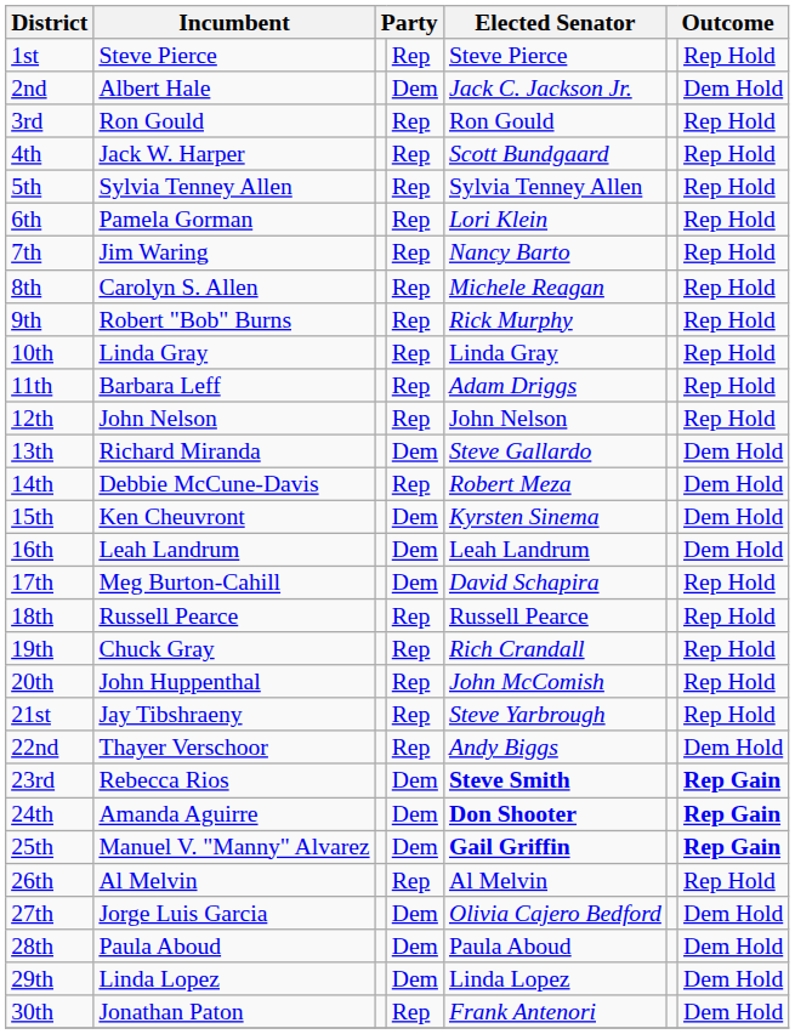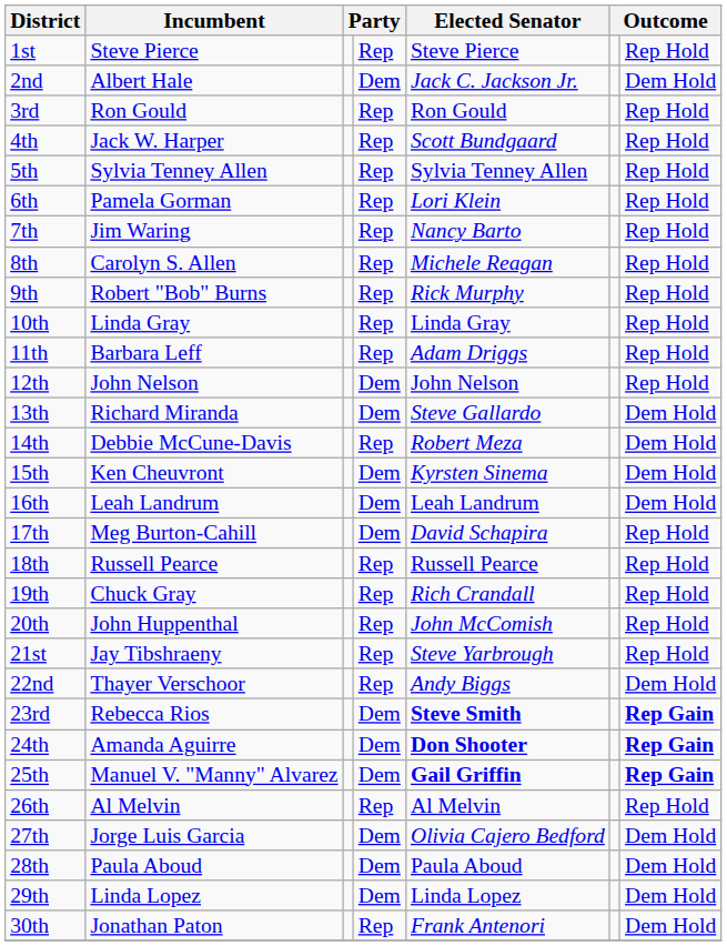 <table class="sortable wikitable" style="font-size:95%;line-height:14px;">
 <tr>
 <th>District</th>
 <th>Incumbent</th>
 <th colspan="2">Party</th>
 <th>Elected Senator</th>
 <th colspan="2">Outcome</th>
 </tr>
 <tr>
 <td><a href='#'>1st</a></td>
 <td><a href='#'>Steve Pierce</a></td>
 <td style="background:"></td>
 <td><a href='#'>Rep</a></td>
 <td><a href='#'>Steve Pierce</a></td>
 <td style="background:"></td>
 <td><a href='#'>Rep Hold</a></td>
 </tr>
 <tr>
 <td><a href='#'>2nd</a></td>
 <td><a href='#'>Albert Hale</a></td>
 <td style="background:"></td>
 <td><a href='#'>Dem</a></td>
 <td><em><a href='#'>Jack C. Jackson Jr.</a></em></td>
 <td style="background:"></td>
 <td><a href='#'>Dem Hold</a></td>
 </tr>
 <tr>
 <td><a href='#'>3rd</a></td>
 <td><a href='#'>Ron Gould</a></td>
 <td style="background:"></td>
 <td><a href='#'>Rep</a></td>
 <td><a href='#'>Ron Gould</a></td>
 <td style="background:"></td>
 <td><a href='#'>Rep Hold</a></td>
 </tr>
 <tr>
 <td><a href='#'>4th</a></td>
 <td><a href='#'>Jack W. Harper</a></td>
 <td style="background:"></td>
 <td><a href='#'>Rep</a></td>
 <td><em><a href='#'>Scott Bundgaard</a></em></td>
 <td style="background:"></td>
 <td><a href='#'>Rep Hold</a></td>
 </tr>
 <tr>
 <td><a href='#'>5th</a></td>
 <td><a href='#'>Sylvia Tenney Allen</a></td>
 <td style="background:"></td>
 <td><a href='#'>Rep</a></td>
 <td><a href='#'>Sylvia Tenney Allen</a></td>
 <td style="background:"></td>
 <td><a href='#'>Rep Hold</a></td>
 </tr>
 <tr>
 <td><a href='#'>6th</a></td>
 <td><a href='#'>Pamela Gorman</a></td>
 <td style="background:"></td>
 <td><a href='#'>Rep</a></td>
 <td><em><a href='#'>Lori Klein</a></em></td>
 <td style="background:"></td>
 <td><a href='#'>Rep Hold</a></td>
 </tr>
 <tr>
 <td><a href='#'>7th</a></td>
 <td><a href='#'>Jim Waring</a></td>
 <td style="background:"></td>
 <td><a href='#'>Rep</a></td>
 <td><em><a href='#'>Nancy Barto</a></em></td>
 <td style="background:"></td>
 <td><a href='#'>Rep Hold</a></td>
 </tr>
 <tr>
 <td><a href='#'>8th</a></td>
 <td><a href='#'>Carolyn S. Allen</a></td>
 <td style="background:"></td>
 <td><a href='#'>Rep</a></td>
 <td><em><a href='#'>Michele Reagan</a></em></td>
 <td style="background:"></td>
 <td><a href='#'>Rep Hold</a></td>
 </tr>
 <tr>
 <td><a href='#'>9th</a></td>
 <td><a href='#'>Robert "Bob" Burns</a></td>
 <td style="background:"></td>
 <td><a href='#'>Rep</a></td>
 <td><em><a href='#'>Rick Murphy</a></em></td>
 <td style="background:"></td>
 <td><a href='#'>Rep Hold</a></td>
 </tr>
 <tr>
 <td><a href='#'>10th</a></td>
 <td><a href='#'>Linda Gray</a></td>
 <td style="background:"></td>
 <td><a href='#'>Rep</a></td>
 <td><a href='#'>Linda Gray</a></td>
 <td style="background:"></td>
 <td><a href='#'>Rep Hold</a></td>
 </tr>
 <tr>
 <td><a href='#'>11th</a></td>
 <td><a href='#'>Barbara Leff</a></td>
 <td style="background:"></td>
 <td><a href='#'>Rep</a></td>
 <td><em><a href='#'>Adam Driggs</a></em></td>
 <td style="background:"></td>
 <td><a href='#'>Rep Hold</a></td>
 </tr>
 <tr>
 <td><a href='#'>12th</a></td>
 <td><a href='#'>John Nelson</a></td>
 <td style="background:"></td>
-<td><a href='#'>Rep</a></td>
+<td><a href='#'>Dem</a></td>
 <td><a href='#'>John Nelson</a></td>
 <td style="background:"></td>
 <td><a href='#'>Rep Hold</a></td>
 </tr>
 <tr>
 <td><a href='#'>13th</a></td>
 <td><a href='#'>Richard Miranda</a></td>
 <td style="background:"></td>
 <td><a href='#'>Dem</a></td>
 <td><em><a href='#'>Steve Gallardo</a></em></td>
 <td style="background:"></td>
 <td><a href='#'>Dem Hold</a></td>
 </tr>
 <tr>
 <td><a href='#'>14th</a></td>
 <td><a href='#'>Debbie McCune-Davis</a></td>
 <td style="background:"></td>
 <td><a href='#'>Rep</a></td>
 <td><em><a href='#'>Robert Meza</a></em></td>
 <td style="background:"></td>
 <td><a href='#'>Dem Hold</a></td>
 </tr>
 <tr>
 <td><a href='#'>15th</a></td>
 <td><a href='#'>Ken Cheuvront</a></td>
 <td style="background:"></td>
 <td><a href='#'>Dem</a></td>
 <td><em><a href='#'>Kyrsten Sinema</a></em></td>
 <td style="background:"></td>
 <td><a href='#'>Dem Hold</a></td>
 </tr>
 <tr>
 <td><a href='#'>16th</a></td>
 <td><a href='#'>Leah Landrum</a></td>
 <td style="background:"></td>
 <td><a href='#'>Dem</a></td>
 <td><a href='#'>Leah Landrum</a></td>
 <td style="background:"></td>
 <td><a href='#'>Dem Hold</a></td>
 </tr>
 <tr>
 <td><a href='#'>17th</a></td>
 <td><a href='#'>Meg Burton-Cahill</a></td>
 <td style="background:"></td>
 <td><a href='#'>Dem</a></td>
 <td><em><a href='#'>David Schapira</a></em></td>
 <td style="background:"></td>
 <td><a href='#'>Rep Hold</a></td>
 </tr>
 <tr>
 <td><a href='#'>18th</a></td>
 <td><a href='#'>Russell Pearce</a></td>
 <td style="background:"></td>
 <td><a href='#'>Rep</a></td>
 <td><a href='#'>Russell Pearce</a></td>
 <td style="background:"></td>
 <td><a href='#'>Rep Hold</a></td>
 </tr>
 <tr>
 <td><a href='#'>19th</a></td>
 <td><a href='#'>Chuck Gray</a></td>
 <td style="background:"></td>
 <td><a href='#'>Rep</a></td>
 <td><em><a href='#'>Rich Crandall</a></em></td>
 <td style="background:"></td>
 <td><a href='#'>Rep Hold</a></td>
 </tr>
 <tr>
 <td><a href='#'>20th</a></td>
 <td><a href='#'>John Huppenthal</a></td>
 <td style="background:"></td>
 <td><a href='#'>Rep</a></td>
 <td><em><a href='#'>John McComish</a></em></td>
 <td style="background:"></td>
 <td><a href='#'>Rep Hold</a></td>
 </tr>
 <tr>
 <td><a href='#'>21st</a></td>
 <td><a href='#'>Jay Tibshraeny</a></td>
 <td style="background:"></td>
 <td><a href='#'>Rep</a></td>
 <td><em><a href='#'>Steve Yarbrough</a></em></td>
 <td style="background:"></td>
 <td><a href='#'>Rep Hold</a></td>
 </tr>
 <tr>
 <td><a href='#'>22nd</a></td>
 <td><a href='#'>Thayer Verschoor</a></td>
 <td style="background:"></td>
 <td><a href='#'>Rep</a></td>
 <td><em><a href='#'>Andy Biggs</a></em></td>
 <td style="background:"></td>
 <td><a href='#'>Dem Hold</a></td>
 </tr>
 <tr>
 <td><a href='#'>23rd</a></td>
 <td><a href='#'>Rebecca Rios</a></td>
 <td style="background:"></td>
 <td><a href='#'>Dem</a></td>
 <td><strong><a href='#'>Steve Smith</a></strong></td>
 <td style="background:"></td>
 <td><strong><a href='#'>Rep Gain</a></strong></td>
 </tr>
 <tr>
 <td><a href='#'>24th</a></td>
 <td><a href='#'>Amanda Aguirre</a></td>
 <td style="background:"></td>
 <td><a href='#'>Dem</a></td>
 <td><strong><a href='#'>Don Shooter</a></strong></td>
 <td style="background:"></td>
 <td><strong><a href='#'>Rep Gain</a></strong></td>
 </tr>
 <tr>
 <td><a href='#'>25th</a></td>
 <td><a href='#'>Manuel V. "Manny" Alvarez</a></td>
 <td style="background:"></td>
 <td><a href='#'>Dem</a></td>
 <td><strong><a href='#'>Gail Griffin</a></strong></td>
 <td style="background:"></td>
 <td><strong><a href='#'>Rep Gain</a></strong></td>
 </tr>
 <tr>
 <td><a href='#'>26th</a></td>
 <td><a href='#'>Al Melvin</a></td>
 <td style="background:"></td>
 <td><a href='#'>Rep</a></td>
 <td><a href='#'>Al Melvin</a></td>
 <td style="background:"></td>
 <td><a href='#'>Rep Hold</a></td>
 </tr>
 <tr>
 <td><a href='#'>27th</a></td>
 <td><a href='#'>Jorge Luis Garcia</a></td>
 <td style="background:"></td>
 <td><a href='#'>Dem</a></td>
 <td><em><a href='#'>Olivia Cajero Bedford</a></em></td>
 <td style="background:"></td>
 <td><a href='#'>Dem Hold</a></td>
 </tr>
 <tr>
 <td><a href='#'>28th</a></td>
 <td><a href='#'>Paula Aboud</a></td>
 <td style="background:"></td>
 <td><a href='#'>Dem</a></td>
 <td><a href='#'>Paula Aboud</a></td>
 <td style="background:"></td>
 <td><a href='#'>Dem Hold</a></td>
 </tr>
 <tr>
 <td><a href='#'>29th</a></td>
 <td><a href='#'>Linda Lopez</a></td>
 <td style="background:"></td>
 <td><a href='#'>Dem</a></td>
 <td><a href='#'>Linda Lopez</a></td>
 <td style="background:"></td>
 <td><a href='#'>Dem Hold</a></td>
 </tr>
 <tr>
 <td><a href='#'>30th</a></td>
 <td><a href='#'>Jonathan Paton</a></td>
 <td style="background:"></td>
 <td><a href='#'>Rep</a></td>
 <td><em><a href='#'>Frank Antenori</a></em></td>
 <td style="background:"></td>
 <td><a href='#'>Dem Hold</a></td>
 </tr>
 <tr>
 </tr>
 </table>
